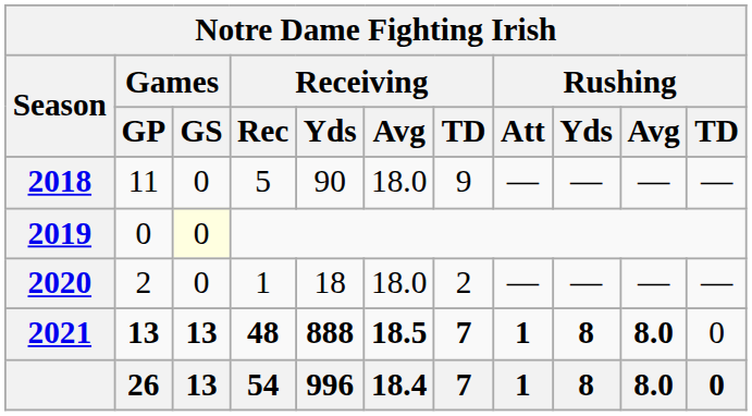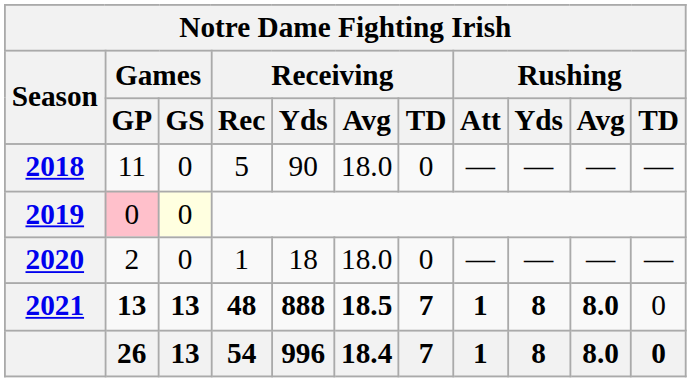 <table class="wikitable" style="text-align:center;">
 <tr>
 <th colspan="11">Notre Dame Fighting Irish</th>
 </tr>
 <tr>
 <th rowspan="2">Season</th>
 <th colspan="2">Games</th>
 <th colspan="4">Receiving</th>
 <th colspan="4">Rushing</th>
 </tr>
 <tr>
 <th>GP</th>
 <th>GS</th>
 <th>Rec</th>
 <th>Yds</th>
 <th>Avg</th>
 <th>TD</th>
 <th>Att</th>
 <th>Yds</th>
 <th>Avg</th>
 <th>TD</th>
 </tr>
 <tr>
 <th><a href='#'>2018</a></th>
 <td>11</td>
 <td>0</td>
 <td>5</td>
 <td>90</td>
 <td>18.0</td>
-<td>9</td>
+<td>0</td>
 <td>—</td>
 <td>—</td>
 <td>—</td>
 <td>—</td>
 </tr>
 <tr>
 <th><a href='#'>2019</a></th>
-<td>0</td>
+<td style="background: pink;">0</td>
 <td style="background: lightyellow;">0</td>
 <td colspan="8"></td>
 </tr>
 <tr>
 <th><a href='#'>2020</a></th>
 <td>2</td>
 <td>0</td>
 <td>1</td>
 <td>18</td>
 <td>18.0</td>
-<td>2</td>
+<td>0</td>
 <td>—</td>
 <td>—</td>
 <td>—</td>
 <td>—</td>
 </tr>
 <tr>
 <th><a href='#'>2021</a></th>
 <td><strong>13</strong></td>
 <td><strong>13</strong></td>
 <td><strong>48</strong></td>
 <td><strong>888</strong></td>
 <td><strong>18.5</strong></td>
 <td><strong>7</strong></td>
 <td><strong>1</strong></td>
 <td><strong>8</strong></td>
 <td><strong>8.0</strong></td>
 <td>0</td>
 </tr>
 <tr>
 <th></th>
 <th>26</th>
 <th>13</th>
 <th>54</th>
 <th>996</th>
 <th>18.4</th>
 <th>7</th>
 <th>1</th>
 <th>8</th>
 <th>8.0</th>
 <th>0</th>
 </tr>
 </table>
